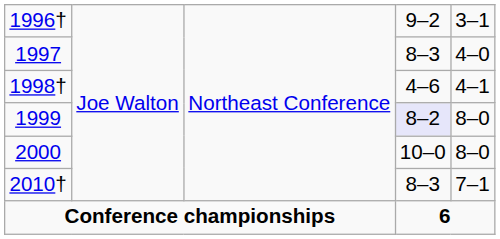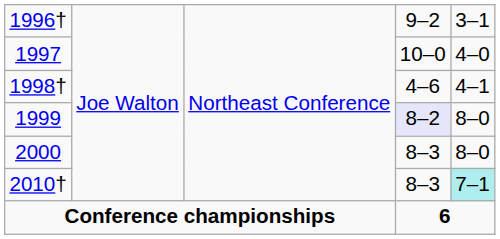 <table class="wikitable" style="text-align:center">
 <tr align="center">
 <td><a href='#'>1996</a>†</td>
 <td rowspan="6"><a href='#'>Joe Walton</a></td>
 <td rowspan="6"><a href='#'>Northeast Conference</a></td>
 <td>9–2</td>
 <td>3–1</td>
 </tr>
 <tr align="center">
 <td><a href='#'>1997</a></td>
-<td>8–3</td>
+<td>10–0</td>
 <td>4–0</td>
 </tr>
 <tr align="center">
 <td><a href='#'>1998</a>†</td>
 <td>4–6</td>
 <td>4–1</td>
 </tr>
 <tr align="center">
 <td><a href='#'>1999</a></td>
 <td style="background: lavender;">8–2</td>
 <td>8–0</td>
 </tr>
 <tr align="center">
 <td><a href='#'>2000</a></td>
-<td>10–0</td>
+<td>8–3</td>
 <td>8–0</td>
 </tr>
 <tr align="center">
 <td><a href='#'>2010</a>†</td>
 <td>8–3</td>
-<td>7–1</td>
+<td style="background: paleturquoise;">7–1</td>
 </tr>
 <tr align="center">
 <td colspan=3><strong>Conference championships</strong></td>
 <td colspan=3><strong>6</strong></td>
 </tr>
 </table>
